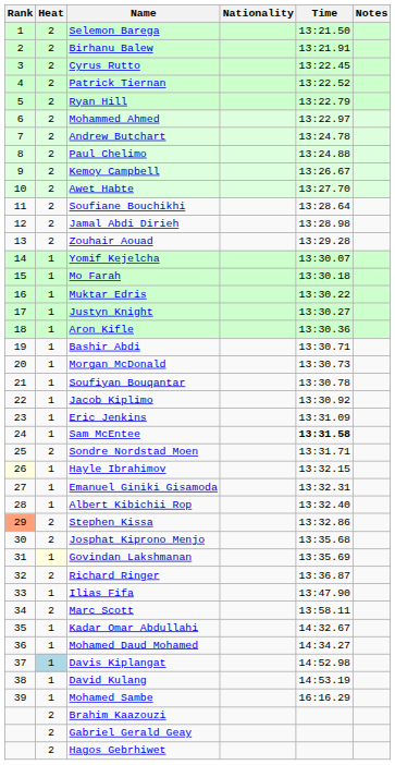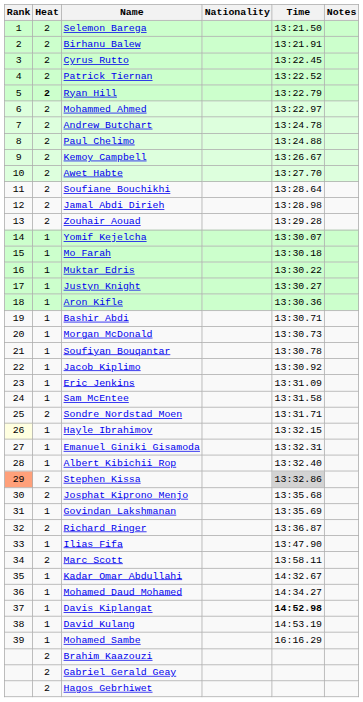 <table class="wikitable sortable" style="text-align:center">
 <tr>
 <th>Rank</th>
 <th>Heat</th>
 <th>Name</th>
 <th>Nationality</th>
 <th>Time</th>
 <th>Notes</th>
 </tr>
 <tr bgcolor=ccffcc>
 <td>1</td>
 <td>2</td>
 <td style="text-align:left;"><a href='#'>Selemon Barega</a></td>
 <td style="text-align:left;"></td>
 <td>13:21.50</td>
 <td></td>
 </tr>
 <tr bgcolor=ccffcc>
 <td>2</td>
 <td>2</td>
 <td style="text-align:left;"><a href='#'>Birhanu Balew</a></td>
 <td style="text-align:left;"></td>
 <td>13:21.91</td>
 <td></td>
 </tr>
 <tr bgcolor=ccffcc>
 <td>3</td>
 <td>2</td>
 <td style="text-align:left;"><a href='#'>Cyrus Rutto</a></td>
 <td style="text-align:left;"></td>
 <td>13:22.45</td>
 <td></td>
 </tr>
 <tr bgcolor=ccffcc>
 <td>4</td>
 <td>2</td>
 <td style="text-align:left;"><a href='#'>Patrick Tiernan</a></td>
 <td style="text-align:left;"></td>
 <td>13:22.52</td>
 <td></td>
 </tr>
 <tr bgcolor=ccffcc>
 <td>5</td>
-<td>2</td>
+<td><strong>2</strong></td>
 <td style="text-align:left;"><a href='#'>Ryan Hill</a></td>
 <td style="text-align:left;"></td>
 <td>13:22.79</td>
 <td></td>
 </tr>
 <tr bgcolor=ddffdd>
 <td>6</td>
 <td>2</td>
 <td style="text-align:left;"><a href='#'>Mohammed Ahmed</a></td>
 <td style="text-align:left;"></td>
 <td>13:22.97</td>
 <td></td>
 </tr>
 <tr bgcolor=ddffdd>
 <td>7</td>
 <td>2</td>
 <td style="text-align:left;"><a href='#'>Andrew Butchart</a></td>
 <td style="text-align:left;"></td>
 <td>13:24.78</td>
 <td></td>
 </tr>
 <tr bgcolor=ddffdd>
 <td>8</td>
 <td>2</td>
 <td style="text-align:left;"><a href='#'>Paul Chelimo</a></td>
 <td style="text-align:left;"></td>
 <td>13:24.88</td>
 <td></td>
 </tr>
 <tr bgcolor=ddffdd>
 <td>9</td>
 <td>2</td>
 <td style="text-align:left;"><a href='#'>Kemoy Campbell</a></td>
 <td style="text-align:left;"></td>
 <td>13:26.67</td>
 <td></td>
 </tr>
 <tr bgcolor=ddffdd>
 <td>10</td>
 <td>2</td>
 <td style="text-align:left;"><a href='#'>Awet Habte</a></td>
 <td style="text-align:left;"></td>
 <td>13:27.70</td>
 <td></td>
 </tr>
 <tr>
 <td>11</td>
 <td>2</td>
 <td style="text-align:left;"><a href='#'>Soufiane Bouchikhi</a></td>
 <td style="text-align:left;"></td>
 <td>13:28.64</td>
 <td></td>
 </tr>
 <tr>
 <td>12</td>
 <td>2</td>
 <td style="text-align:left;"><a href='#'>Jamal Abdi Dirieh</a></td>
 <td style="text-align:left;"></td>
 <td>13:28.98</td>
 <td></td>
 </tr>
 <tr>
 <td>13</td>
 <td>2</td>
 <td style="text-align:left;"><a href='#'>Zouhair Aouad</a></td>
 <td style="text-align:left;"></td>
 <td>13:29.28</td>
 <td></td>
 </tr>
 <tr bgcolor=ccffcc>
 <td>14</td>
 <td>1</td>
 <td style="text-align:left;"><a href='#'>Yomif Kejelcha</a></td>
 <td style="text-align:left;"></td>
 <td>13:30.07</td>
 <td></td>
 </tr>
 <tr bgcolor=ccffcc>
 <td>15</td>
 <td>1</td>
 <td style="text-align:left;"><a href='#'>Mo Farah</a></td>
 <td style="text-align:left;"></td>
 <td>13:30.18</td>
 <td></td>
 </tr>
 <tr bgcolor=ccffcc>
 <td>16</td>
 <td>1</td>
 <td style="text-align:left;"><a href='#'>Muktar Edris</a></td>
 <td style="text-align:left;"></td>
 <td>13:30.22</td>
 <td></td>
 </tr>
 <tr bgcolor=ccffcc>
 <td>17</td>
 <td>1</td>
 <td style="text-align:left;"><a href='#'>Justyn Knight</a></td>
 <td style="text-align:left;"></td>
 <td>13:30.27</td>
 <td></td>
 </tr>
 <tr bgcolor=ccffcc>
 <td>18</td>
 <td>1</td>
 <td style="text-align:left;"><a href='#'>Aron Kifle</a></td>
 <td style="text-align:left;"></td>
 <td>13:30.36</td>
 <td></td>
 </tr>
 <tr>
 <td>19</td>
 <td>1</td>
 <td style="text-align:left;"><a href='#'>Bashir Abdi</a></td>
 <td style="text-align:left;"></td>
 <td>13:30.71</td>
 <td></td>
 </tr>
 <tr>
 <td>20</td>
 <td>1</td>
 <td style="text-align:left;"><a href='#'>Morgan McDonald</a></td>
 <td style="text-align:left;"></td>
 <td>13:30.73</td>
 <td></td>
 </tr>
 <tr>
 <td>21</td>
 <td>1</td>
 <td style="text-align:left;"><a href='#'>Soufiyan Bouqantar</a></td>
 <td style="text-align:left;"></td>
 <td>13:30.78</td>
 <td></td>
 </tr>
 <tr>
 <td>22</td>
 <td>1</td>
 <td style="text-align:left;"><a href='#'>Jacob Kiplimo</a></td>
 <td style="text-align:left;"></td>
 <td>13:30.92</td>
 <td></td>
 </tr>
 <tr>
 <td>23</td>
 <td>1</td>
 <td style="text-align:left;"><a href='#'>Eric Jenkins</a></td>
 <td style="text-align:left;"></td>
 <td>13:31.09</td>
 <td></td>
 </tr>
 <tr>
 <td>24</td>
 <td>1</td>
 <td style="text-align:left;"><a href='#'>Sam McEntee</a></td>
 <td style="text-align:left;"></td>
-<td><strong>13:31.58</strong></td>
+<td>13:31.58</td>
 <td></td>
 </tr>
 <tr>
 <td>25</td>
 <td>2</td>
 <td style="text-align:left;"><a href='#'>Sondre Nordstad Moen</a></td>
 <td style="text-align:left;"></td>
 <td>13:31.71</td>
 <td></td>
 </tr>
 <tr>
 <td style="background: lightyellow;">26</td>
 <td>1</td>
 <td style="text-align:left;"><a href='#'>Hayle Ibrahimov</a></td>
 <td style="text-align:left;"></td>
 <td>13:32.15</td>
 <td></td>
 </tr>
 <tr>
 <td>27</td>
 <td>1</td>
 <td style="text-align:left;"><a href='#'>Emanuel Giniki Gisamoda</a></td>
 <td style="text-align:left;"></td>
 <td>13:32.31</td>
 <td></td>
 </tr>
 <tr>
 <td>28</td>
 <td>1</td>
 <td style="text-align:left;"><a href='#'>Albert Kibichii Rop</a></td>
 <td style="text-align:left;"></td>
 <td>13:32.40</td>
 <td></td>
 </tr>
 <tr>
 <td style="background: lightsalmon;">29</td>
 <td>2</td>
 <td style="text-align:left;"><a href='#'>Stephen Kissa</a></td>
 <td style="text-align:left;"></td>
-<td>13:32.86</td>
+<td style="background: lightgrey;">13:32.86</td>
 <td></td>
 </tr>
 <tr>
 <td>30</td>
 <td>2</td>
 <td style="text-align:left;"><a href='#'>Josphat Kiprono Menjo</a></td>
 <td style="text-align:left;"></td>
 <td>13:35.68</td>
 <td></td>
 </tr>
 <tr>
 <td>31</td>
-<td style="background: lightyellow;">1</td>
+<td>1</td>
 <td style="text-align:left;"><a href='#'>Govindan Lakshmanan</a></td>
 <td style="text-align:left;"></td>
 <td>13:35.69</td>
 <td></td>
 </tr>
 <tr>
 <td>32</td>
 <td>2</td>
 <td style="text-align:left;"><a href='#'>Richard Ringer</a></td>
 <td style="text-align:left;"></td>
 <td>13:36.87</td>
 <td></td>
 </tr>
 <tr>
 <td>33</td>
 <td>1</td>
 <td style="text-align:left;"><a href='#'>Ilias Fifa</a></td>
 <td style="text-align:left;"></td>
 <td>13:47.90</td>
 <td></td>
 </tr>
 <tr>
 <td>34</td>
 <td>2</td>
 <td style="text-align:left;"><a href='#'>Marc Scott</a></td>
 <td style="text-align:left;"></td>
 <td>13:58.11</td>
 <td></td>
 </tr>
 <tr>
 <td>35</td>
 <td>1</td>
 <td style="text-align:left;"><a href='#'>Kadar Omar Abdullahi</a></td>
 <td></td>
 <td>14:32.67</td>
 <td></td>
 </tr>
 <tr>
 <td>36</td>
 <td>1</td>
 <td style="text-align:left;"><a href='#'>Mohamed Daud Mohamed</a></td>
 <td style="text-align:left;"></td>
 <td>14:34.27</td>
 <td></td>
 </tr>
 <tr>
 <td>37</td>
-<td style="background: lightblue;">1</td>
+<td>1</td>
 <td style="text-align:left;"><a href='#'>Davis Kiplangat</a></td>
 <td style="text-align:left;"></td>
-<td>14:52.98</td>
+<td><strong>14:52.98</strong></td>
 <td></td>
 </tr>
 <tr>
 <td>38</td>
 <td>1</td>
 <td style="text-align:left;"><a href='#'>David Kulang</a></td>
 <td style="text-align:left;"></td>
 <td>14:53.19</td>
 <td></td>
 </tr>
 <tr>
 <td>39</td>
 <td>1</td>
 <td style="text-align:left;"><a href='#'>Mohamed Sambe</a></td>
 <td style="text-align:left;"></td>
 <td>16:16.29</td>
 <td></td>
 </tr>
 <tr>
 <td></td>
 <td>2</td>
 <td style="text-align:left;"><a href='#'>Brahim Kaazouzi</a></td>
 <td style="text-align:left;"></td>
 <td></td>
 <td></td>
 </tr>
 <tr>
 <td></td>
 <td>2</td>
 <td style="text-align:left;"><a href='#'>Gabriel Gerald Geay</a></td>
 <td style="text-align:left;"></td>
 <td></td>
 <td></td>
 </tr>
 <tr>
 <td></td>
 <td>2</td>
 <td style="text-align:left;"><a href='#'>Hagos Gebrhiwet</a></td>
 <td style="text-align:left;"></td>
 <td></td>
 <td></td>
 </tr>
 </table>
